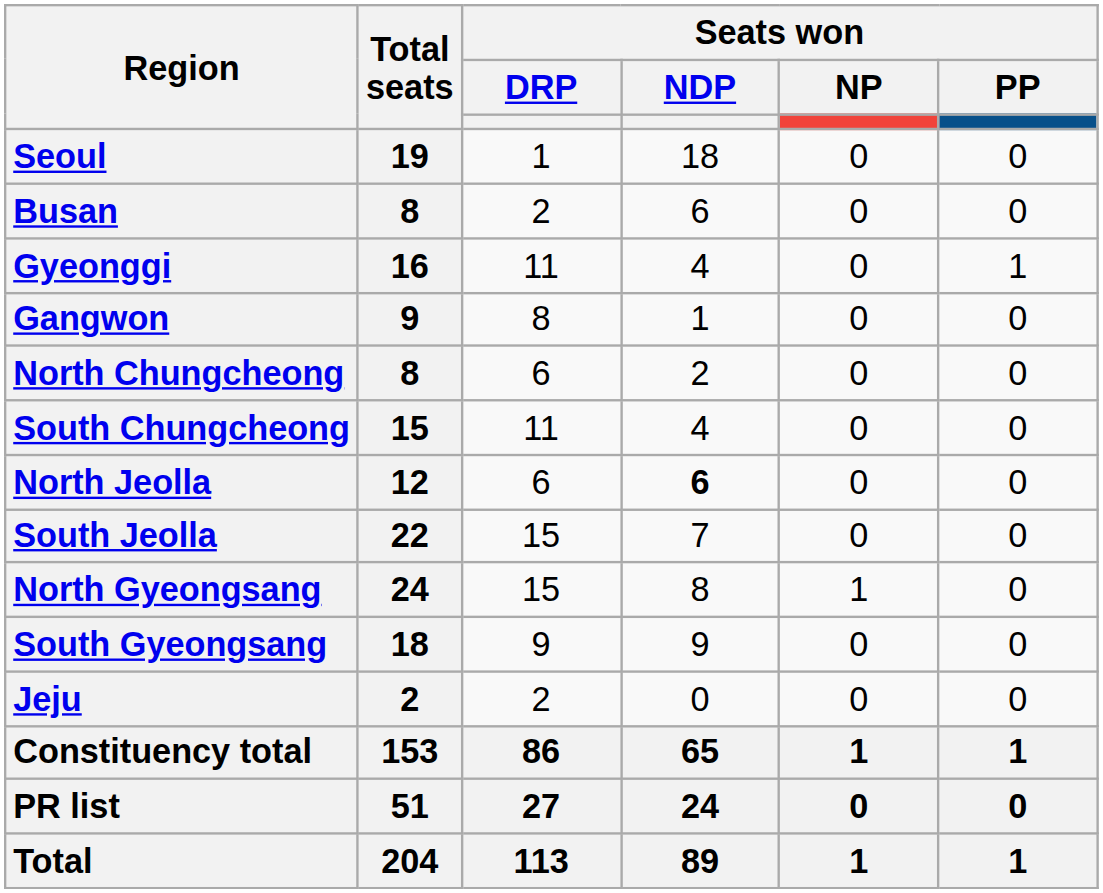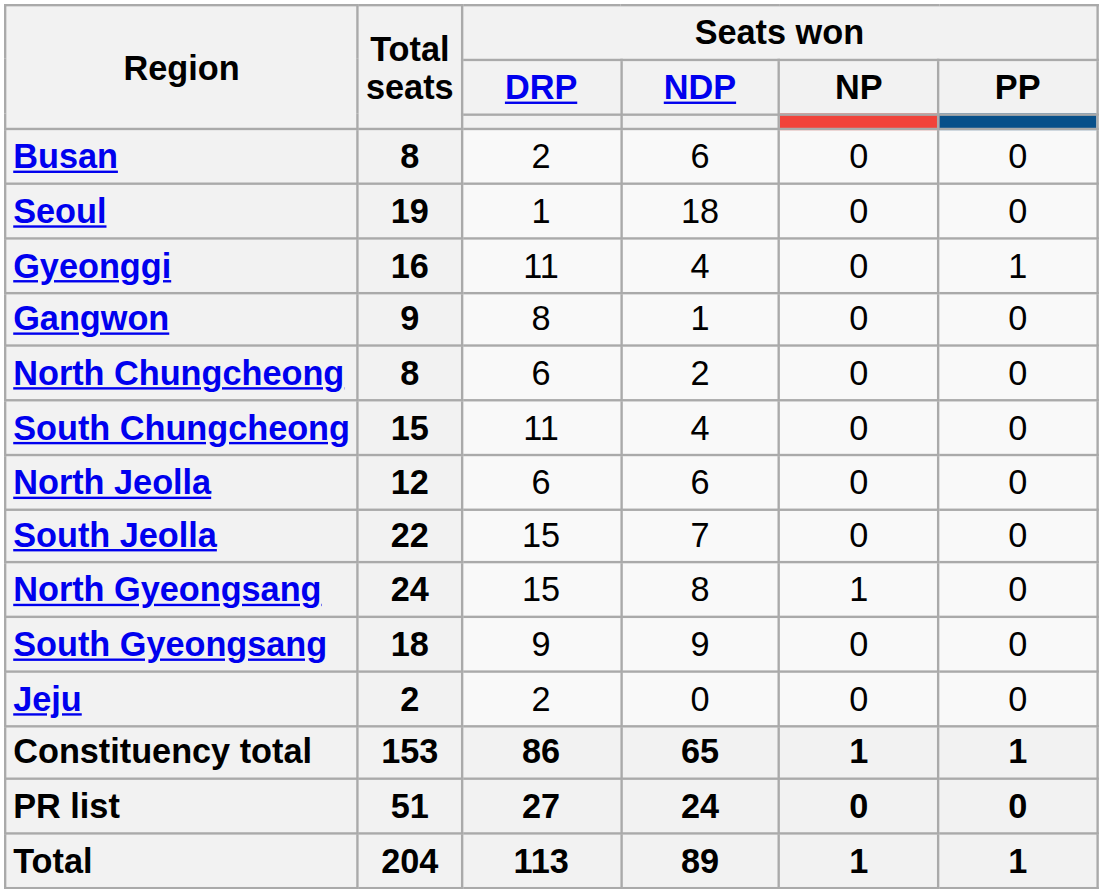 <table class="wikitable" style="text-align:center; font-size: 0.9em">
 <tr>
 <th rowspan="3">Region</th>
 <th rowspan="3">Total<br>seats</th>
 <th colspan="4">Seats won</th>
 </tr>
 <tr>
 <th class="unsortable" style="width:60px"><a href='#'>DRP</a></th>
 <th class="unsortable" style="width:60px"><a href='#'>NDP</a></th>
 <th class="unsortable" style="width:60px">NP</th>
 <th class="unsortable" style="width:60px">PP</th>
 </tr>
 <tr>
 <th style="background:"></th>
 <th style="background:"></th>
 <th style="background:#F1433A"></th>
 <th style="background:#08508A"></th>
 </tr>
 <tr>
+<th style="text-align: left"><a href='#'>Busan</a></th>
+<th>8</th>
+<td>2</td>
+<td>6</td>
+<td>0</td>
+<td>0</td>
+</tr>
+<tr>
 <th style="text-align: left"><a href='#'>Seoul</a></th>
 <th>19</th>
 <td>1</td>
 <td>18</td>
-<td>0</td>
-<td>0</td>
-</tr>
-<tr>
-<th style="text-align: left"><a href='#'>Busan</a></th>
-<th>8</th>
-<td>2</td>
-<td>6</td>
 <td>0</td>
 <td>0</td>
 </tr>
 <tr>
 <th style="text-align: left"><a href='#'>Gyeonggi</a></th>
 <th>16</th>
 <td>11</td>
 <td>4</td>
 <td>0</td>
 <td>1</td>
 </tr>
 <tr>
 <th style="text-align: left"><a href='#'>Gangwon</a></th>
 <th>9</th>
 <td>8</td>
 <td>1</td>
 <td>0</td>
 <td>0</td>
 </tr>
 <tr>
 <th style="text-align: left"><a href='#'>North Chungcheong</a></th>
 <th>8</th>
 <td>6</td>
 <td>2</td>
 <td>0</td>
 <td>0</td>
 </tr>
 <tr>
 <th style="text-align: left"><a href='#'>South Chungcheong</a></th>
 <th>15</th>
 <td>11</td>
 <td>4</td>
 <td>0</td>
 <td>0</td>
 </tr>
 <tr>
 <th style="text-align: left"><a href='#'>North Jeolla</a></th>
 <th>12</th>
 <td>6</td>
-<td><strong>6</strong></td>
+<td>6</td>
 <td>0</td>
 <td>0</td>
 </tr>
 <tr>
 <th style="text-align: left"><a href='#'>South Jeolla</a></th>
 <th>22</th>
 <td>15</td>
 <td>7</td>
 <td>0</td>
 <td>0</td>
 </tr>
 <tr>
 <th style="text-align: left"><a href='#'>North Gyeongsang</a></th>
 <th>24</th>
 <td>15</td>
 <td>8</td>
 <td>1</td>
 <td>0</td>
 </tr>
 <tr>
 <th style="text-align: left"><a href='#'>South Gyeongsang</a></th>
 <th>18</th>
 <td>9</td>
 <td>9</td>
 <td>0</td>
 <td>0</td>
 </tr>
 <tr>
 <th style="text-align: left"><a href='#'>Jeju</a></th>
 <th>2</th>
 <td>2</td>
 <td>0</td>
 <td>0</td>
 <td>0</td>
 </tr>
 <tr class="sortbottom">
 <th style="text-align: left">Constituency total</th>
 <th>153</th>
 <th>86</th>
 <th>65</th>
 <th>1</th>
 <th>1</th>
 </tr>
 <tr>
 <th style="text-align: left">PR list</th>
 <th>51</th>
 <th>27</th>
 <th>24</th>
 <th>0</th>
 <th>0</th>
 </tr>
 <tr>
 <th style="text-align: left">Total</th>
 <th>204</th>
 <th>113</th>
 <th>89</th>
 <th>1</th>
 <th>1</th>
 </tr>
 </table>
